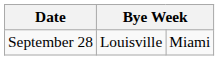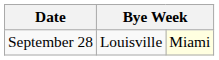 <table class="wikitable" style="font-size:95%;">
 <tr>
 <th>Date</th>
 <th colspan="3">Bye Week</th>
 </tr>
 <tr>
 <td>September 28</td>
 <td>Louisville</td>
-<td>Miami</td>
+<td style="background: lightyellow;">Miami</td>
 </tr>
 </table>
